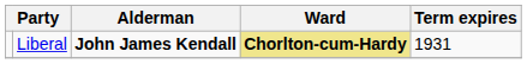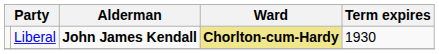 <table class="wikitable">
 <tr>
 <th colspan="2">Party</th>
 <th>Alderman</th>
 <th>Ward</th>
 <th>Term expires</th>
 </tr>
 <tr>
 <td style="background-color:"></td>
 <td><a href='#'>Liberal</a></td>
 <td><strong>John James Kendall</strong></td>
 <td style="background: khaki;"><strong>Chorlton-cum-Hardy</strong></td>
-<td>1931</td>
+<td>1930</td>
 </tr>
 <tr>
 </tr>
 </table>
